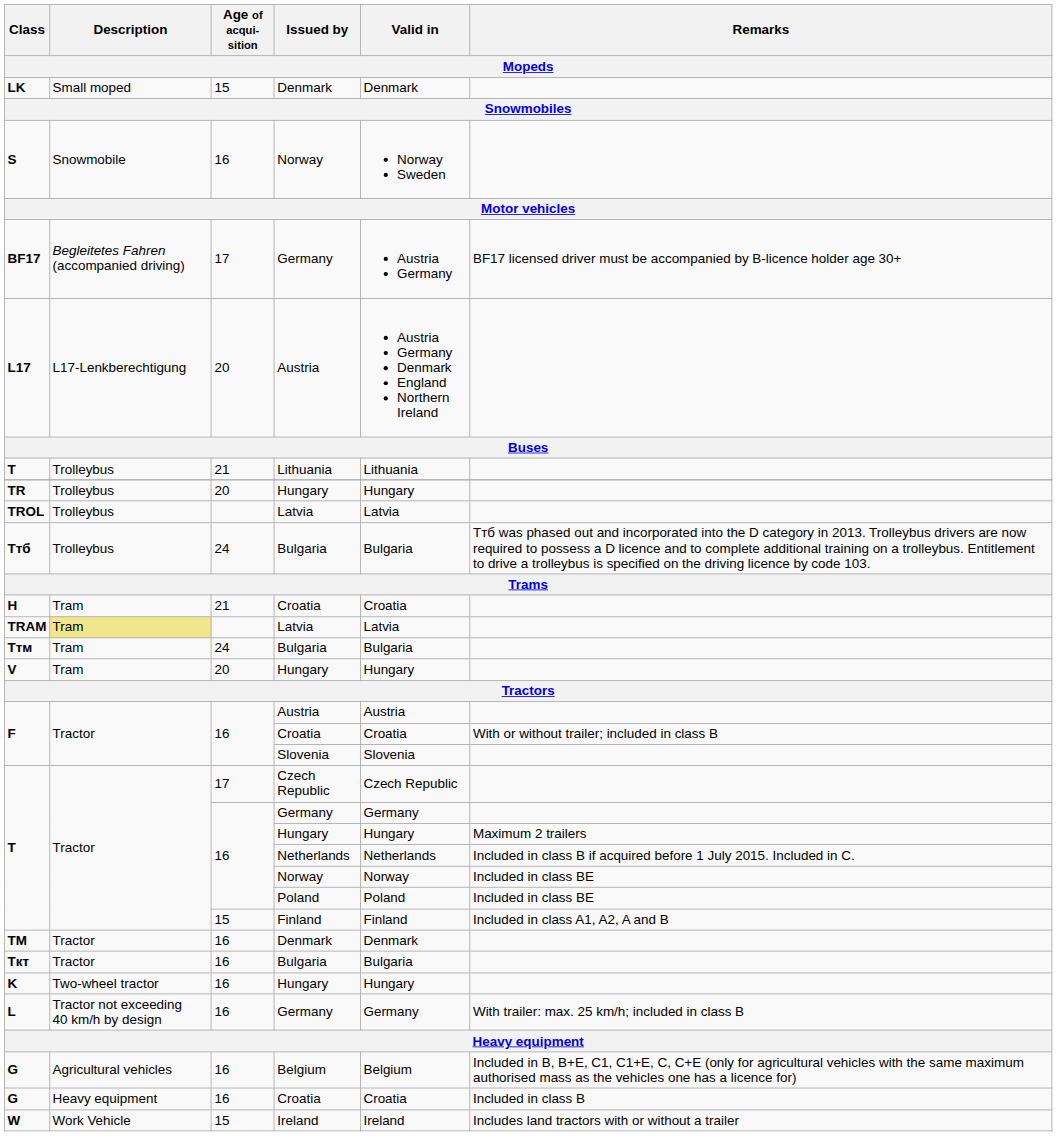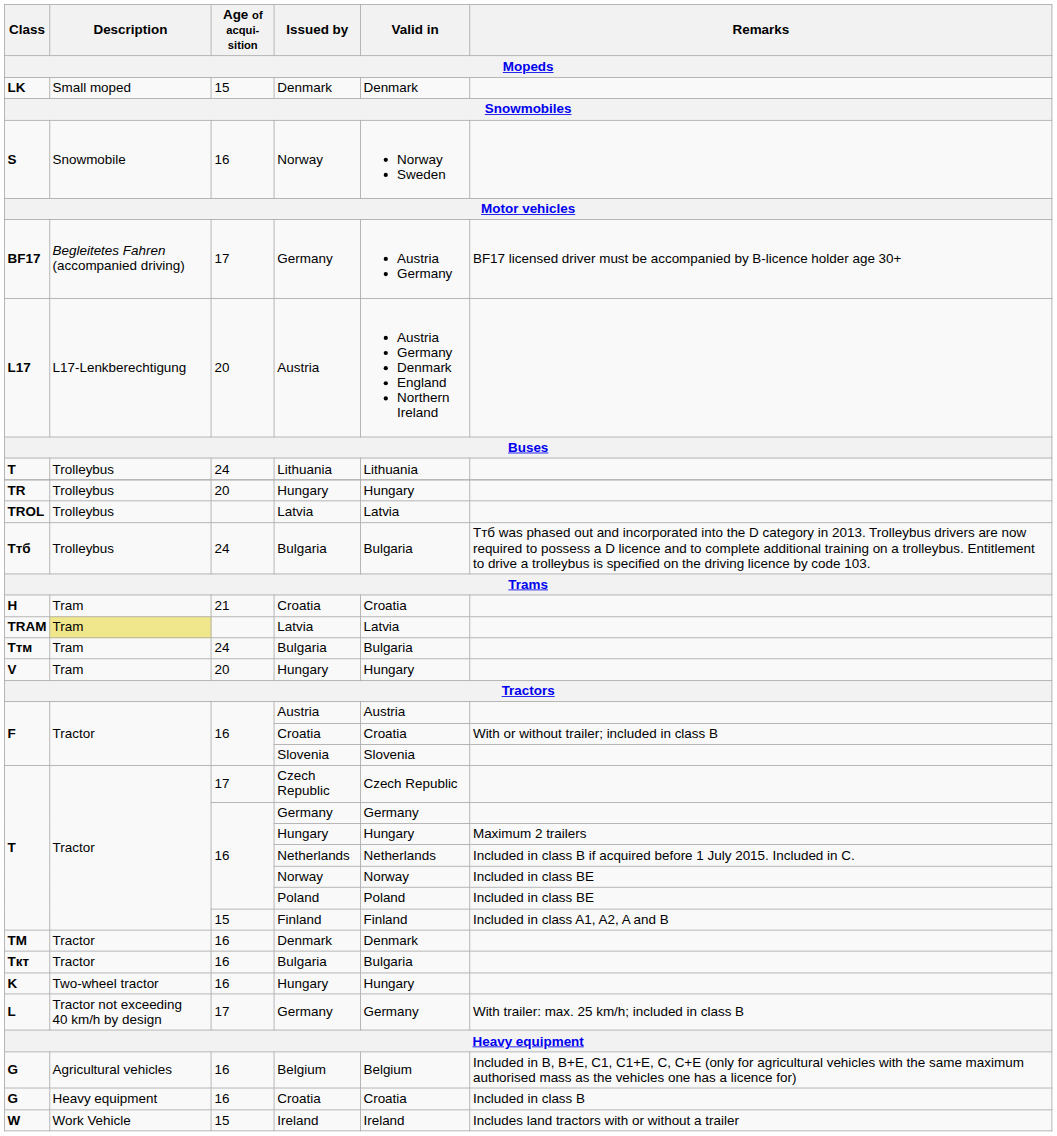 <table class="wikitable sortable">
 <tr>
 <th>Class</th>
 <th>Description</th>
 <th>Age <small>of acqui­sition</small></th>
 <th>Issued by</th>
 <th>Valid in</th>
 <th class=unsortable>Remarks</th>
 </tr>
 <tr>
 <th colspan="6"><a href='#'>Mopeds</a></th>
 </tr>
 <tr>
 <td><strong>LK</strong></td>
 <td>Small moped</td>
 <td>15</td>
 <td>Denmark</td>
 <td>Denmark</td>
 <td></td>
 </tr>
 <tr>
 <th colspan="6"><a href='#'>Snowmobiles</a></th>
 </tr>
 <tr>
 <td><strong>S</strong></td>
 <td>Snowmobile</td>
 <td>16</td>
 <td>Norway</td>
 <td><br><ul><li>Norway</li><li>Sweden</li></ul></td>
 </tr>
 <tr>
 <th colspan="6"><a href='#'>Motor vehicles</a></th>
 </tr>
 <tr>
 <td><strong>BF17</strong></td>
 <td><em>Begleitetes Fahren</em> (accompanied driving)</td>
 <td>17</td>
 <td>Germany</td>
 <td><br><ul><li>Austria</li><li>Germany</li></ul></td>
 <td>BF17 licensed driver must be accompanied by B-licence holder age 30+</td>
 </tr>
 <tr>
 <td><strong>L17</strong></td>
 <td>L17-Lenkberechtigung</td>
 <td>20</td>
 <td>Austria</td>
 <td><br><ul><li>Austria</li><li>Germany</li><li>Denmark</li><li>England</li><li>Northern Ireland</li></ul></td>
 <td></td>
 </tr>
 <tr>
 <th colspan="6"><a href='#'>Buses</a></th>
 </tr>
 <tr>
 <td><strong>T</strong></td>
 <td>Trolleybus</td>
-<td>21</td>
+<td>24</td>
 <td>Lithuania</td>
 <td>Lithuania</td>
 <td></td>
 </tr>
 <tr>
 </tr>
 <tr>
 <td><strong>TR</strong></td>
 <td>Trolleybus</td>
 <td>20</td>
 <td>Hungary</td>
 <td>Hungary</td>
 <td></td>
 </tr>
 <tr>
 <td><strong>TROL</strong></td>
 <td>Trolleybus</td>
 <td></td>
 <td>Latvia</td>
 <td>Latvia</td>
 <td></td>
 </tr>
 <tr>
 <td><strong>T<span>тб</span></strong></td>
 <td>Trolleybus</td>
 <td>24</td>
 <td>Bulgaria</td>
 <td>Bulgaria</td>
 <td>T<span>тб</span> was phased out and incorporated into the D category in 2013. Trolleybus drivers are now required to possess a D licence and to complete additional training on a trolleybus. Entitlement to drive a trolleybus is specified on the driving licence by code 103.</td>
 </tr>
 <tr>
 <th colspan="6"><a href='#'>Trams</a></th>
 </tr>
 <tr>
 <td><strong>H</strong></td>
 <td>Tram</td>
 <td>21</td>
 <td>Croatia</td>
 <td>Croatia</td>
 <td></td>
 </tr>
 <tr>
 <td><strong>TRAM</strong></td>
 <td style="background: khaki;">Tram</td>
 <td></td>
 <td>Latvia</td>
 <td>Latvia</td>
 <td></td>
 </tr>
 <tr>
 <td><strong>T<span>тм</span></strong></td>
 <td>Tram</td>
 <td>24</td>
 <td>Bulgaria</td>
 <td>Bulgaria</td>
 <td></td>
 </tr>
 <tr>
 <td><strong>V</strong></td>
 <td>Tram</td>
 <td>20</td>
 <td>Hungary</td>
 <td>Hungary</td>
 <td></td>
 </tr>
 <tr>
 <th colspan="6"><a href='#'>Tractors</a></th>
 </tr>
 <tr>
 <td rowspan="3"><strong>F</strong></td>
 <td rowspan="3">Tractor</td>
 <td rowspan="3">16</td>
 <td>Austria</td>
 <td>Austria</td>
 <td></td>
 </tr>
 <tr>
 <td>Croatia</td>
 <td>Croatia</td>
 <td>With or without trailer; included in class B</td>
 </tr>
 <tr>
 <td>Slovenia</td>
 <td>Slovenia</td>
 <td></td>
 </tr>
 <tr>
 <td rowspan="7"><strong>T</strong></td>
 <td rowspan="7">Tractor</td>
 <td>17</td>
 <td>Czech Republic</td>
 <td>Czech Republic</td>
 <td></td>
 </tr>
 <tr>
 <td rowspan="5">16</td>
 <td>Germany</td>
 <td>Germany</td>
 <td></td>
 </tr>
 <tr>
 <td>Hungary</td>
 <td>Hungary</td>
 <td>Maximum 2 trailers</td>
 </tr>
 <tr>
 <td>Netherlands</td>
 <td>Netherlands</td>
 <td>Included in class B if acquired before 1 July 2015. Included in C.</td>
 </tr>
 <tr>
 <td>Norway</td>
 <td>Norway</td>
 <td>Included in class BE</td>
 </tr>
 <tr>
 <td>Poland</td>
 <td>Poland</td>
 <td>Included in class BE</td>
 </tr>
 <tr>
 <td>15</td>
 <td>Finland</td>
 <td>Finland</td>
 <td>Included in class A1, A2, A and B</td>
 </tr>
 <tr>
 <td><strong>TM</strong></td>
 <td>Tractor</td>
 <td>16</td>
 <td>Denmark</td>
 <td>Denmark</td>
 <td></td>
 </tr>
 <tr>
 <td><strong>T<span>кт</span></strong></td>
 <td>Tractor</td>
 <td>16</td>
 <td>Bulgaria</td>
 <td>Bulgaria</td>
 <td></td>
 </tr>
 <tr>
 <td><strong>K</strong></td>
 <td>Two-wheel tractor</td>
 <td>16</td>
 <td>Hungary</td>
 <td>Hungary</td>
 <td></td>
 </tr>
 <tr>
 <td><strong>L</strong></td>
 <td>Tractor not exceeding 40 km/h by design</td>
-<td>16</td>
+<td>17</td>
 <td>Germany</td>
 <td>Germany</td>
 <td>With trailer: max. 25 km/h; included in class B</td>
 </tr>
 <tr>
 <th colspan="6"><a href='#'>Heavy equipment</a></th>
 </tr>
 <tr>
 <td><strong>G</strong></td>
 <td>Agricultural vehicles</td>
 <td>16</td>
 <td>Belgium</td>
 <td>Belgium</td>
 <td>Included in B, B+E, C1, C1+E, C, C+E (only for agricultural vehicles with the same maximum authorised mass as the vehicles one has a licence for)</td>
 </tr>
 <tr>
 <td><strong>G</strong></td>
 <td>Heavy equipment</td>
 <td>16</td>
 <td>Croatia</td>
 <td>Croatia</td>
 <td>Included in class B</td>
 </tr>
 <tr>
 <td><strong>W</strong></td>
 <td>Work Vehicle</td>
 <td>15</td>
 <td>Ireland</td>
 <td>Ireland</td>
 <td>Includes land tractors with or without a trailer</td>
 </tr>
 </table>
